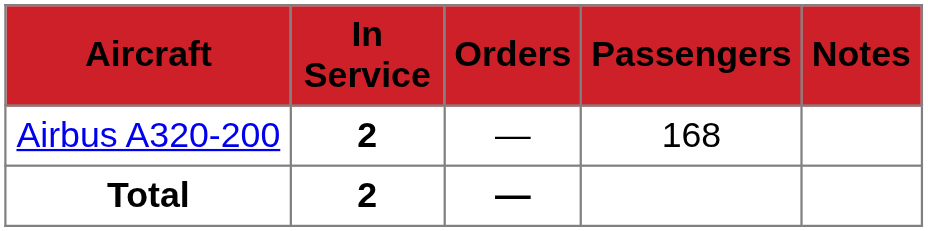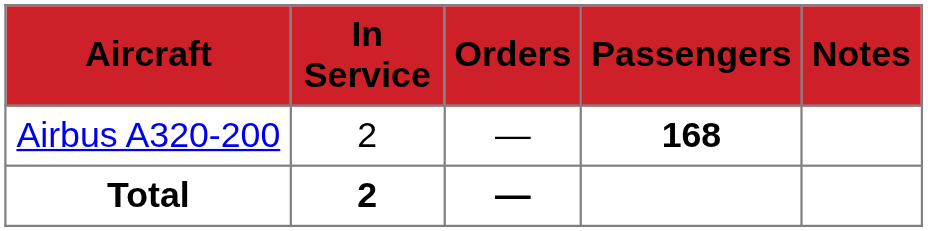 <table class="toccolours" border="1" cellpadding="4" style="border-collapse:collapse;text-align:center;margin:auto;">
 <tr style="background:#CE2029;">
 <th><span>Aircraft</span></th>
 <th style="width:60px;"><span>In Service</span></th>
 <th><span>Orders</span></th>
 <th><span>Passengers</span></th>
 <th><span>Notes</span></th>
 </tr>
 <tr>
 <td><a href='#'>Airbus A320-200</a></td>
-<td><strong>2</strong></td>
+<td>2</td>
 <td>—</td>
-<td>168</td>
+<td><strong>168</strong></td>
 <td></td>
 </tr>
 <tr>
 <th>Total</th>
 <th>2</th>
 <th>—</th>
 <th></th>
 <th colspan="3"></th>
 </tr>
 </table>
